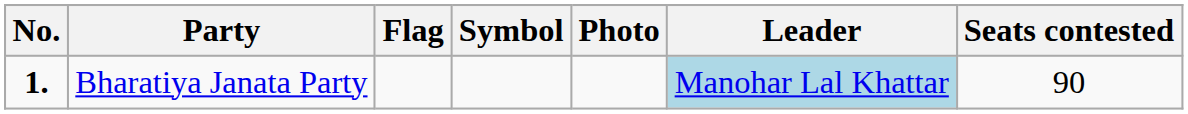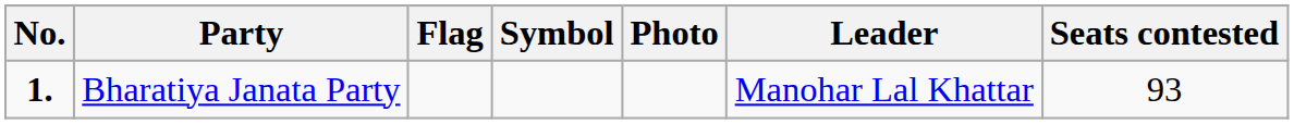 <table class="wikitable">
 <tr>
 <th>No.</th>
 <th>Party</th>
 <th>Flag</th>
 <th>Symbol</th>
 <th>Photo</th>
 <th>Leader</th>
 <th>Seats contested</th>
 </tr>
 <tr>
 <td ! style="text-align:center; background:"><strong>1.</strong></td>
 <td style="text-align:center"><a href='#'>Bharatiya Janata Party</a></td>
 <td></td>
 <td></td>
 <td></td>
-<td style="background: lightblue; text-align:center"><a href='#'>Manohar Lal Khattar</a></td>
-<td style="text-align:center">90</td>
+<td style="text-align:center"><a href='#'>Manohar Lal Khattar</a></td>
+<td style="text-align:center">93</td>
 </tr>
 </table>
